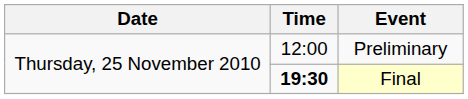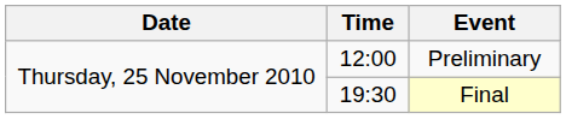 <table class = "wikitable" style="text-align:center;">
 <tr>
 <th width=220>Date</th>
 <th width=50>Time</th>
 <th width=100>Event</th>
 </tr>
 <tr>
 <td rowspan=2>Thursday, 25 November 2010</td>
 <td>12:00</td>
 <td>Preliminary</td>
 </tr>
 <tr>
-<td><strong>19:30</strong></td>
+<td>19:30</td>
 <td bgcolor=ffffcc>Final</td>
 </tr>
 </table>
